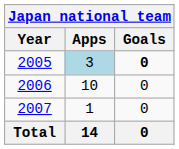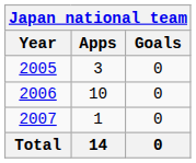 <table class="wikitable" style="text-align:center">
 <tr>
 <th colspan=3><a href='#'>Japan national team</a></th>
 </tr>
 <tr>
 <th>Year</th>
 <th>Apps</th>
 <th>Goals</th>
 </tr>
 <tr>
 <td><a href='#'>2005</a></td>
-<td style="background: lightblue;">3</td>
-<td><strong>0</strong></td>
+<td>3</td>
+<td>0</td>
 </tr>
 <tr>
 <td><a href='#'>2006</a></td>
 <td>10</td>
 <td>0</td>
 </tr>
 <tr>
 <td><a href='#'>2007</a></td>
 <td>1</td>
 <td>0</td>
 </tr>
 <tr>
 <th>Total</th>
 <th>14</th>
 <th>0</th>
 </tr>
 </table>
